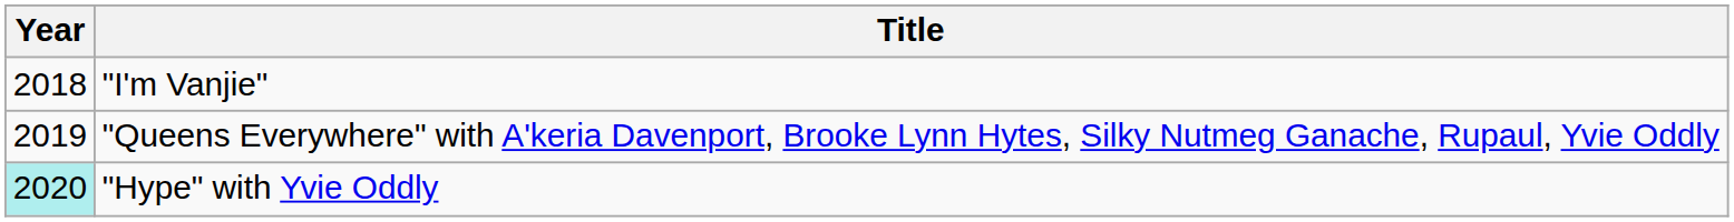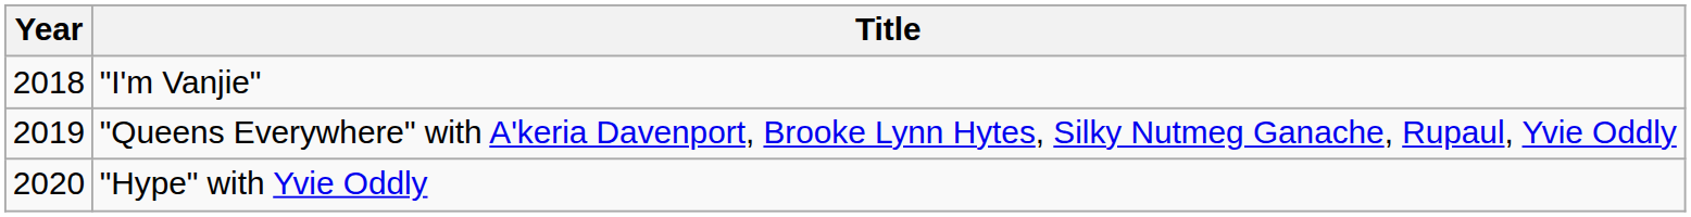 <table class="wikitable plainrowheaders sortable">
 <tr>
 <th scope="col">Year</th>
 <th scope="col">Title</th>
 </tr>
 <tr>
 <td>2018</td>
 <td>"I'm Vanjie"</td>
 </tr>
 <tr>
 <td>2019</td>
 <td>"Queens Everywhere" with <a href='#'>A'keria Davenport</a>, <a href='#'>Brooke Lynn Hytes</a>, <a href='#'>Silky Nutmeg Ganache</a>, <a href='#'>Rupaul</a>, <a href='#'>Yvie Oddly</a></td>
 </tr>
 <tr>
-<td style="background: paleturquoise;">2020</td>
+<td>2020</td>
 <td>"Hype" with <a href='#'>Yvie Oddly</a></td>
 </tr>
 </table>
